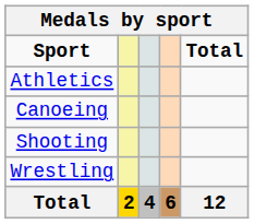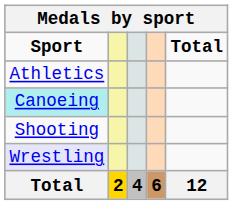 <table class="wikitable" style="font-size:85%; float: right;">
 <tr style="background:#efefef;">
 <th colspan=5><strong>Medals by sport</strong></th>
 </tr>
 <tr align=center>
 <td><strong>Sport</strong></td>
 <td bgcolor=#f7f6a8></td>
 <td bgcolor=#dce5e5></td>
 <td bgcolor=#ffdab9></td>
 <td><strong>Total</strong></td>
 </tr>
 <tr align=center>
 <td><a href='#'>Athletics</a></td>
 <td style="background:#F7F6A8;"></td>
 <td style="background:#DCE5E5;"></td>
 <td style="background:#FFDAB9;"></td>
 <td></td>
 </tr>
 <tr align=center>
-<td><a href='#'>Canoeing</a></td>
+<td style="background: paleturquoise;"><a href='#'>Canoeing</a></td>
 <td style="background:#F7F6A8;"></td>
 <td style="background:#DCE5E5;"></td>
 <td style="background:#FFDAB9;"></td>
 <td></td>
 </tr>
 <tr align=center>
 <td><a href='#'>Shooting</a></td>
 <td style="background:#F7F6A8;"></td>
 <td style="background:#DCE5E5;"></td>
 <td style="background:#FFDAB9;"></td>
 <td></td>
 </tr>
 <tr align=center>
-<td><a href='#'>Wrestling</a></td>
+<td style="background: lavender;"><a href='#'>Wrestling</a></td>
 <td style="background:#F7F6A8;"></td>
 <td style="background:#DCE5E5;"></td>
 <td style="background:#FFDAB9;"></td>
 <td></td>
 </tr>
 <tr align=center>
 <th><strong>Total</strong></th>
 <th style="background:gold;"><strong>2</strong></th>
 <th style="background:silver;"><strong>4</strong></th>
 <th style="background:#c96;"><strong>6</strong></th>
 <th><strong>12</strong></th>
 </tr>
 </table>
